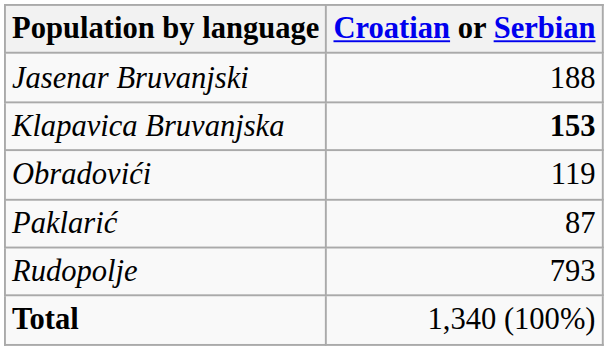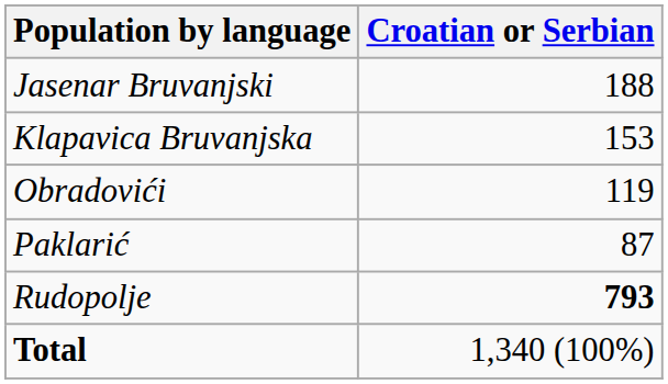 <table class="wikitable sortable">
 <tr>
 <th>Population by language</th>
 <th><a href='#'>Croatian</a> or <a href='#'>Serbian</a></th>
 </tr>
 <tr>
 <td><em>Jasenar Bruvanjski</em></td>
 <td align="right">188</td>
 </tr>
 <tr>
 <td><em>Klapavica Bruvanjska</em></td>
-<td align="right"><strong>153</strong></td>
+<td align="right">153</td>
 </tr>
 <tr>
 <td><em>Obradovići</em></td>
 <td align="right">119</td>
 </tr>
 <tr>
 <td><em>Paklarić</em></td>
 <td align="right">87</td>
 </tr>
 <tr>
 <td><em>Rudopolje</em></td>
-<td align="right">793</td>
+<td align="right"><strong>793</strong></td>
 </tr>
 <tr>
 <td><strong>Total</strong></td>
 <td align="right">1,340 (100%)</td>
 </tr>
 </table>
